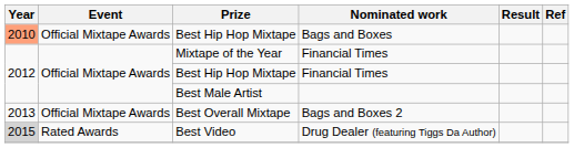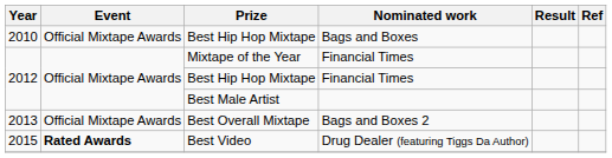 <table class="wikitable">
 <tr>
 <th>Year</th>
 <th>Event</th>
 <th>Prize</th>
 <th>Nominated work</th>
 <th>Result</th>
 <th>Ref</th>
 </tr>
 <tr>
-<td style="background: lightsalmon;">2010</td>
+<td>2010</td>
 <td>Official Mixtape Awards</td>
 <td>Best Hip Hop Mixtape</td>
 <td>Bags and Boxes</td>
 <td></td>
 <td></td>
 </tr>
 <tr>
 <td rowspan="3">2012</td>
 <td rowspan="3">Official Mixtape Awards</td>
 <td>Mixtape of the Year</td>
 <td>Financial Times</td>
 <td></td>
 <td></td>
 </tr>
 <tr>
 <td>Best Hip Hop Mixtape</td>
 <td>Financial Times</td>
 <td></td>
 <td></td>
 </tr>
 <tr>
 <td>Best Male Artist</td>
 <td></td>
 <td></td>
 <td></td>
 </tr>
 <tr>
 <td>2013</td>
 <td>Official Mixtape Awards</td>
 <td>Best Overall Mixtape</td>
 <td>Bags and Boxes 2</td>
 <td></td>
 <td></td>
 </tr>
 <tr>
-<td style="background: lightgrey;">2015</td>
-<td>Rated Awards</td>
+<td>2015</td>
+<td><strong>Rated Awards</strong></td>
 <td>Best Video</td>
 <td>Drug Dealer <small>(featuring Tiggs Da Author)</small></td>
 <td></td>
 <td></td>
 </tr>
 <tr>
 </tr>
 </table>
